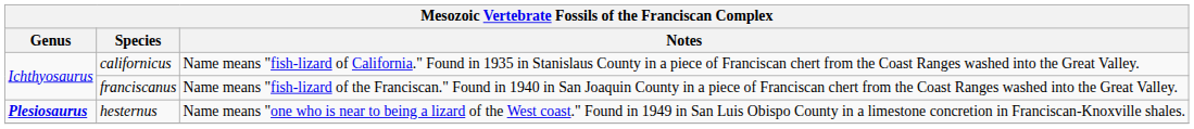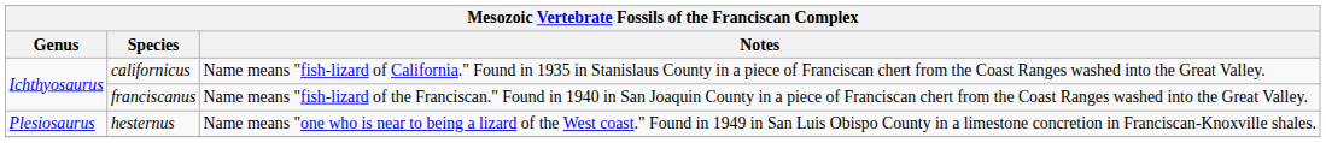 <table class="wikitable" align="center">
 <tr>
 <th colspan="4" align="center"><strong>Mesozoic <a href='#'>Vertebrate</a> Fossils of the Franciscan Complex</strong></th>
 </tr>
 <tr>
 <th>Genus</th>
 <th>Species</th>
 <th>Notes</th>
 </tr>
 <tr>
 <td rowspan="2"><em><a href='#'>Ichthyosaurus</a></em></td>
 <td><em>californicus</em></td>
 <td>Name means "<a href='#'>fish-lizard</a> of <a href='#'>California</a>." Found in 1935 in Stanislaus County in a piece of Franciscan chert from the Coast Ranges washed into the Great Valley.</td>
 </tr>
 <tr>
 <td><em>franciscanus</em></td>
 <td>Name means "<a href='#'>fish-lizard</a> of the Franciscan." Found in 1940 in San Joaquin County in a piece of Franciscan chert from the Coast Ranges washed into the Great Valley.</td>
 </tr>
 <tr>
-<td><strong><em><a href='#'>Plesiosaurus</a></em></strong></td>
+<td><em><a href='#'>Plesiosaurus</a></em></td>
 <td><em>hesternus</em></td>
 <td>Name means "<a href='#'>one who is near to being a lizard</a> of the <a href='#'>West coast</a>." Found in 1949 in San Luis Obispo County in a limestone concretion in Franciscan-Knoxville shales.</td>
 </tr>
 <tr>
 </tr>
 </table>
